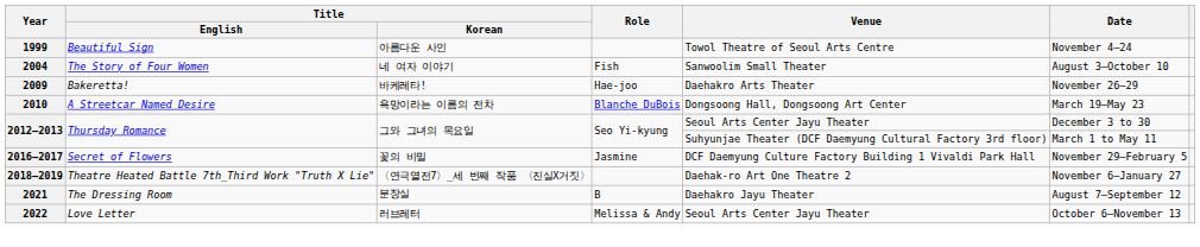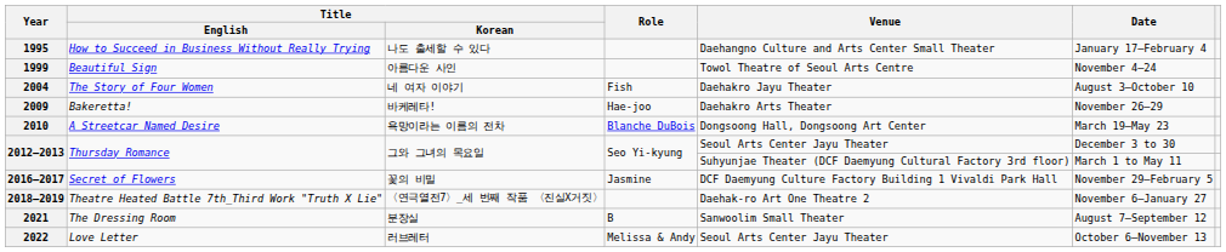 <table class="wikitable sortable plainrowheaders" style="text-align:left; font-size:100%;">
 <tr>
 <th scope="col" rowspan="2">Year</th>
 <th scope="col" colspan="2">Title</th>
 <th rowspan="2" scope="col">Role</th>
 <th rowspan="2" scope="col" class="unsortable">Venue</th>
 <th scope="col" rowspan="2">Date</th>
 <th rowspan="2" scope="col" class="unsortable"></th>
 </tr>
 <tr>
 <th>English</th>
 <th>Korean</th>
+</tr>
+<tr>
+<th scope="row">1995</th>
+<td><em><a href='#'>How to Succeed in Business Without Really Trying</a></em></td>
+<td>나도 출세할 수 있다</td>
+<td></td>
+<td>Daehangno Culture and Arts Center Small Theater</td>
+<td>January  17–February 4</td>
+<td></td>
 </tr>
 <tr>
 <th scope="row">1999</th>
 <td><em><a href='#'>Beautiful Sign</a></em></td>
 <td>아름다운 사인</td>
 <td></td>
 <td>Towol Theatre of Seoul Arts Centre</td>
 <td>November 4–24</td>
 <td></td>
 </tr>
 <tr>
 <th scope="row">2004</th>
 <td><em><a href='#'>The Story of Four Women</a></em></td>
 <td>네 여자 이야기</td>
 <td>Fish</td>
-<td>Sanwoolim Small Theater</td>
+<td>Daehakro Jayu Theater</td>
 <td>August 3–October 10</td>
 <td></td>
 </tr>
 <tr>
 <th scope="row">2009</th>
 <td><em>Bakeretta!</em></td>
 <td>바케레타!</td>
 <td>Hae-joo</td>
 <td>Daehakro Arts Theater</td>
 <td>November 26–29</td>
 <td></td>
 </tr>
 <tr>
 <th scope="row">2010</th>
 <td><em><a href='#'>A Streetcar Named Desire</a></em></td>
 <td>욕망이라는 이름의 전차</td>
 <td><a href='#'>Blanche DuBois</a></td>
 <td>Dongsoong Hall, Dongsoong Art Center</td>
 <td>March 19–May 23</td>
 <td></td>
 </tr>
 <tr>
 <th scope="row" rowspan="2">2012–2013</th>
 <td rowspan="2"><em><a href='#'>Thursday Romance</a></em></td>
 <td rowspan="2">그와 그녀의 목요일</td>
 <td rowspan="2">Seo Yi-kyung</td>
 <td>Seoul Arts Center Jayu Theater</td>
 <td>December 3 to 30</td>
 <td style="text-align:center"></td>
 </tr>
 <tr>
 <td>Suhyunjae Theater (DCF Daemyung Cultural Factory 3rd floor)</td>
 <td>March 1 to May 11</td>
 <td style="text-align:center"></td>
 </tr>
 <tr>
 <th scope="row">2016–2017</th>
 <td><em><a href='#'>Secret of Flowers</a></em></td>
 <td>꽃의 비밀</td>
 <td>Jasmine</td>
 <td>DCF Daemyung Culture Factory Building 1 Vivaldi Park Hall</td>
 <td>November 29–February 5</td>
 <td></td>
 </tr>
 <tr>
 <th scope="row">2018–2019</th>
 <td><em>Theatre Heated Battle 7th_Third Work "Truth X Lie"</em></td>
 <td>〈연극열전7〉_세 번째 작품 〈진실X거짓〉</td>
 <td></td>
 <td>Daehak-ro Art One Theatre 2</td>
 <td>November 6–January 27</td>
 <td></td>
 </tr>
 <tr>
 <th scope="row">2021</th>
 <td><em>The Dressing Room</em></td>
 <td>분장실</td>
 <td>B</td>
-<td>Daehakro Jayu Theater</td>
+<td>Sanwoolim Small Theater</td>
 <td>August 7–September 12</td>
 <td></td>
 </tr>
 <tr>
 <th scope="row">2022</th>
 <td><em>Love Letter</em></td>
 <td>러브레터</td>
 <td>Melissa & Andy</td>
 <td>Seoul Arts Center Jayu Theater</td>
 <td>October 6–November 13</td>
 <td></td>
 </tr>
 </table>
